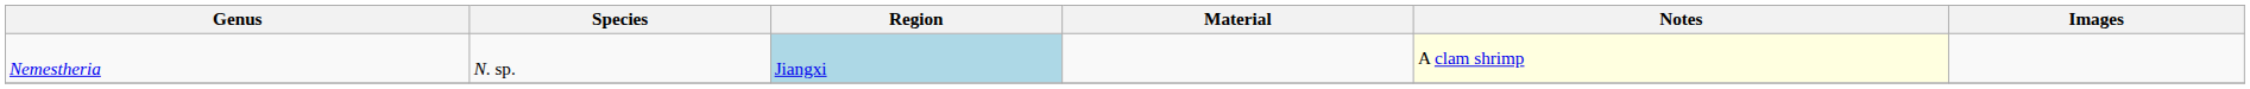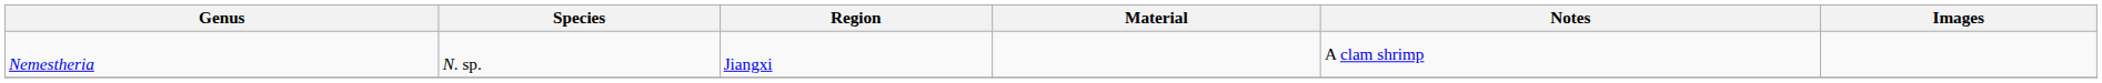 <table class="wikitable" align="center" width="100%">
 <tr>
 <th>Genus</th>
 <th>Species</th>
 <th>Region</th>
 <th>Material</th>
 <th>Notes</th>
 <th>Images</th>
 </tr>
 <tr>
 <td><br><em><a href='#'>Nemestheria</a></em></td>
 <td><br><em>N</em>. sp.</td>
-<td style="background: lightblue;"><br><a href='#'>Jiangxi</a></td>
+<td><br><a href='#'>Jiangxi</a></td>
 <td></td>
-<td style="background: lightyellow;">A <a href='#'>clam shrimp</a></td>
+<td>A <a href='#'>clam shrimp</a></td>
 <td></td>
 </tr>
 <tr>
 </tr>
 </table>
